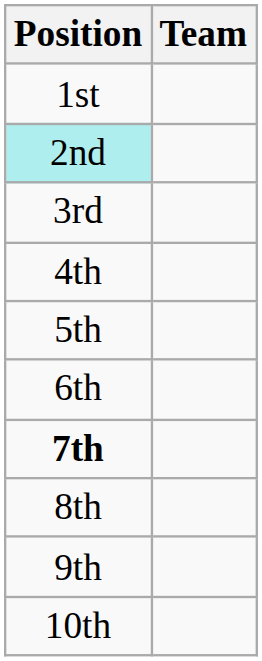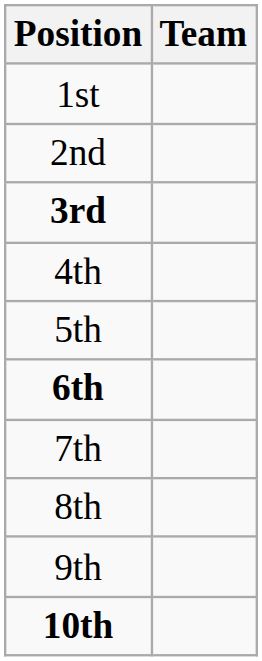 <table class="wikitable">
 <tr>
 <th>Position</th>
 <th>Team</th>
 </tr>
 <tr>
 <td style="text-align:center">1st</td>
 <td></td>
 </tr>
 <tr>
-<td style="background: paleturquoise; text-align:center">2nd</td>
+<td style="text-align:center">2nd</td>
 <td></td>
 </tr>
 <tr>
-<td style="text-align:center">3rd</td>
+<td style="text-align:center"><strong>3rd</strong></td>
 <td></td>
 </tr>
 <tr>
 <td style="text-align:center">4th</td>
 <td></td>
 </tr>
 <tr>
 <td style="text-align:center">5th</td>
 <td></td>
 </tr>
 <tr>
-<td style="text-align:center">6th</td>
+<td style="text-align:center"><strong>6th</strong></td>
 <td></td>
 </tr>
 <tr>
-<td style="text-align:center"><strong>7th</strong></td>
+<td style="text-align:center">7th</td>
 <td></td>
 </tr>
 <tr>
 <td style="text-align:center">8th</td>
 <td></td>
 </tr>
 <tr>
 <td style="text-align:center">9th</td>
 <td></td>
 </tr>
 <tr>
-<td style="text-align:center">10th</td>
+<td style="text-align:center"><strong>10th</strong></td>
 <td></td>
 </tr>
 </table>
